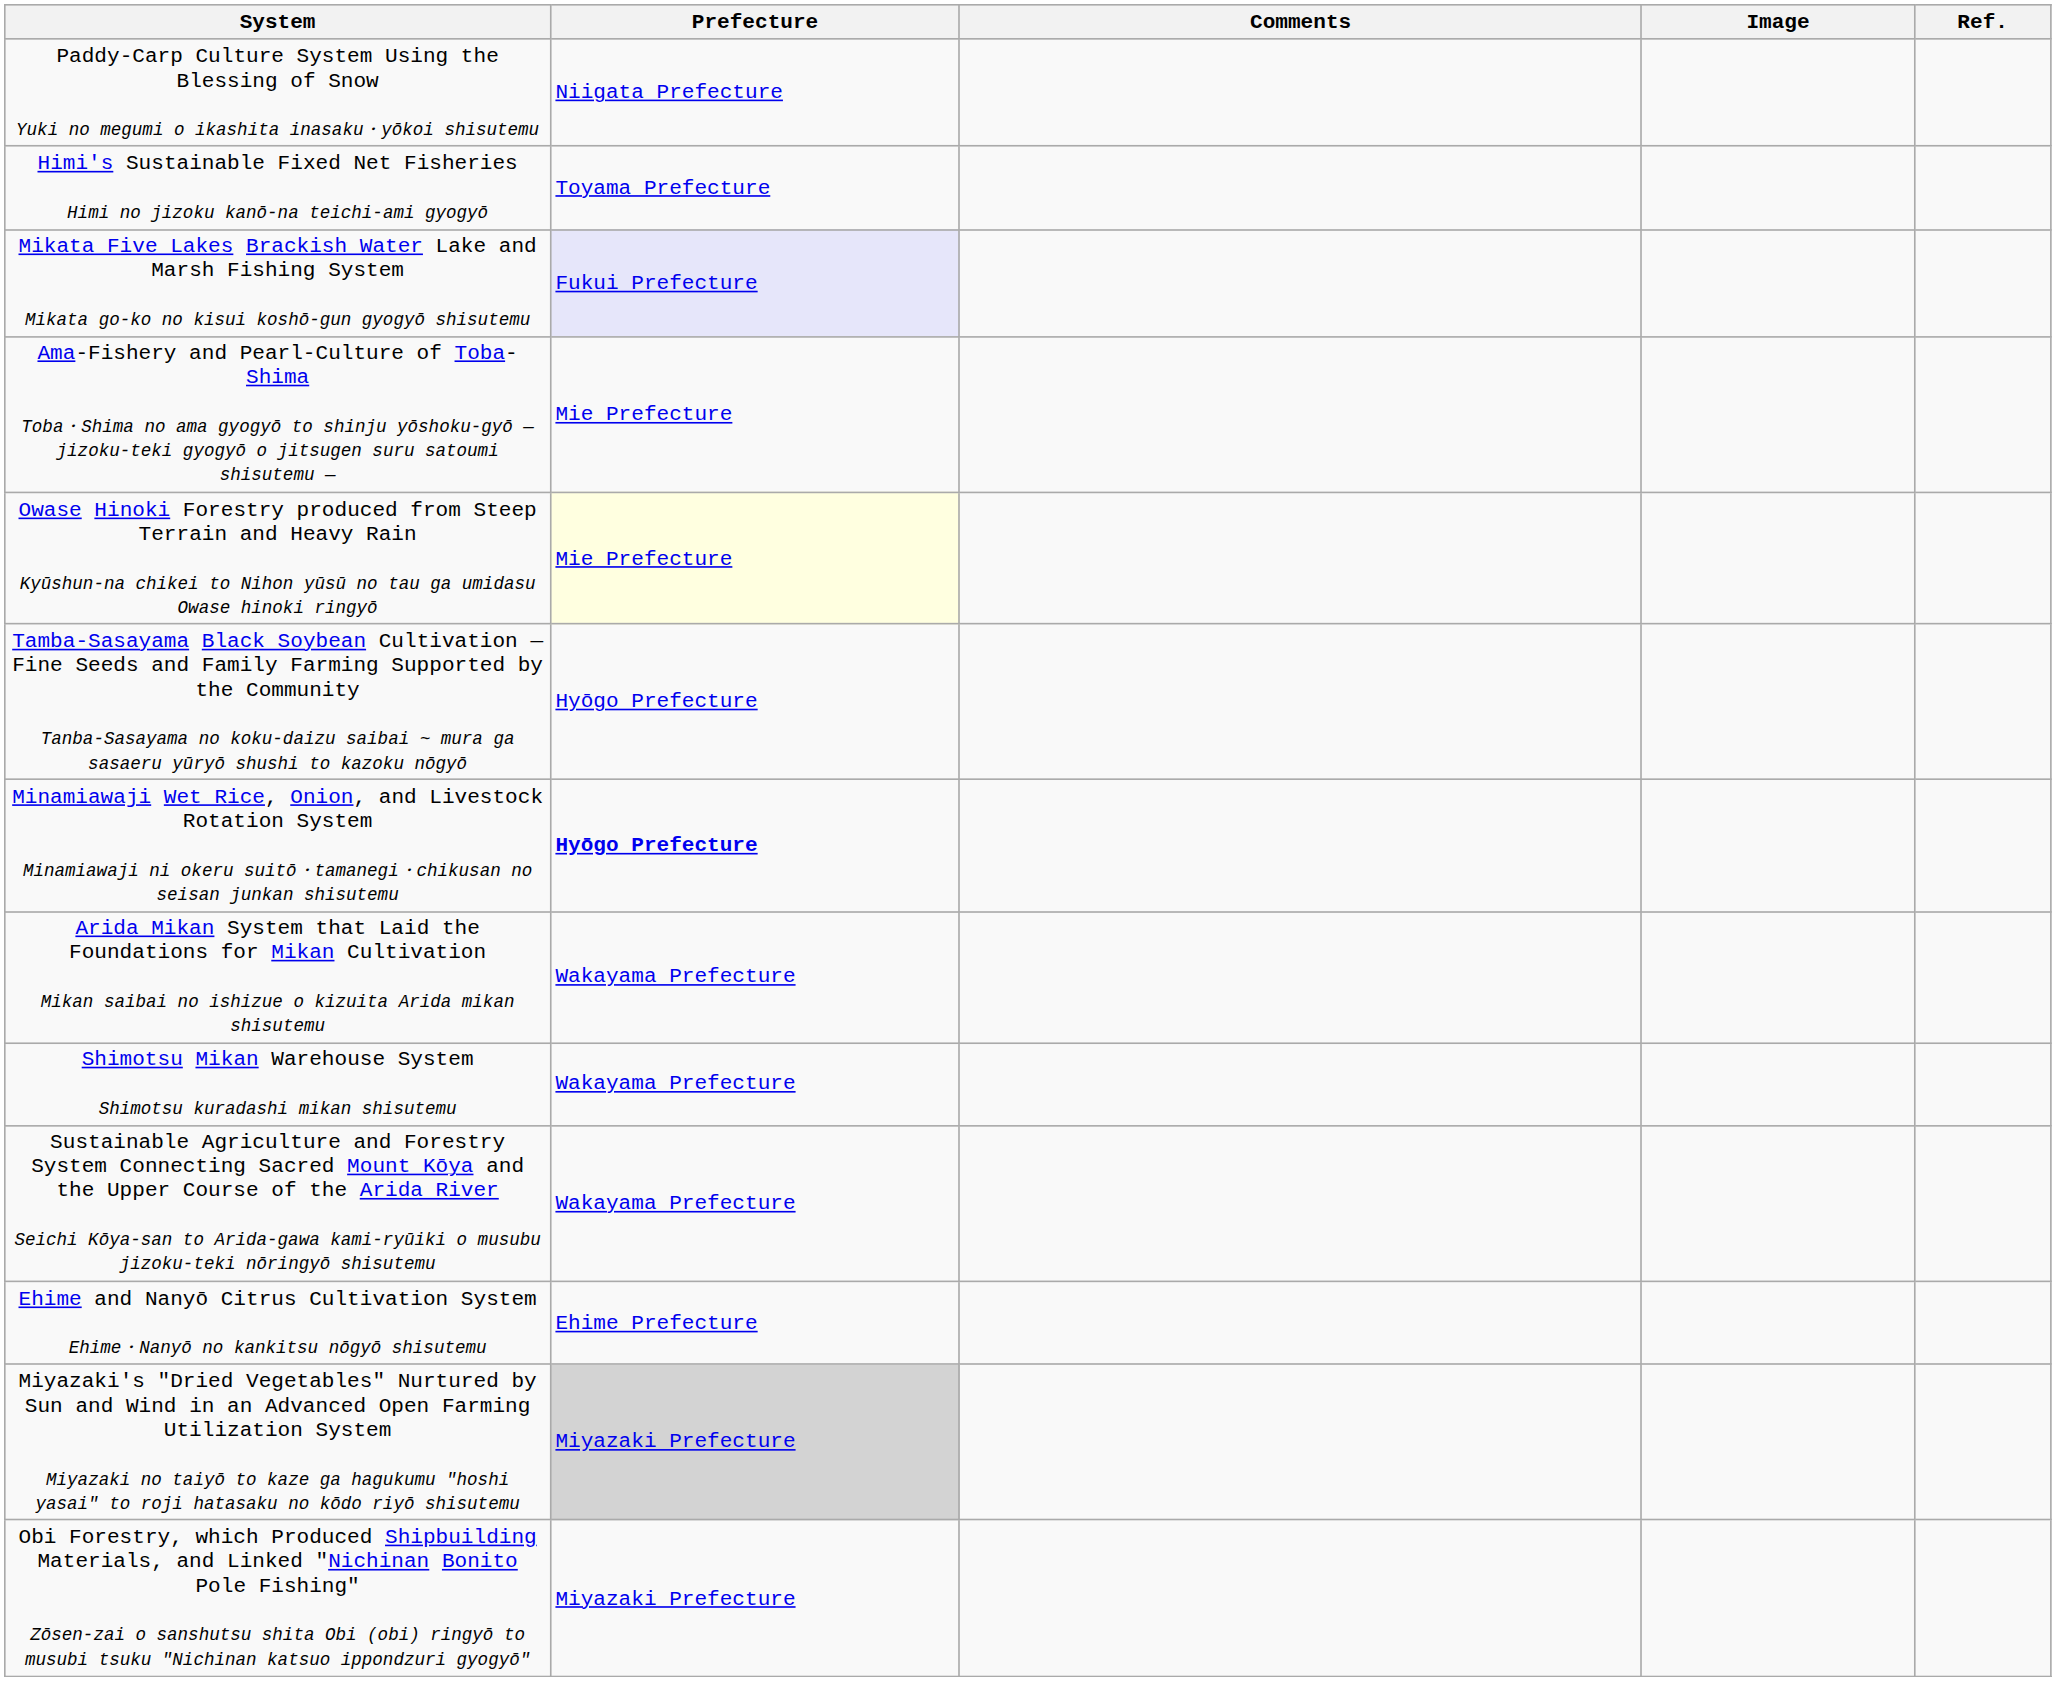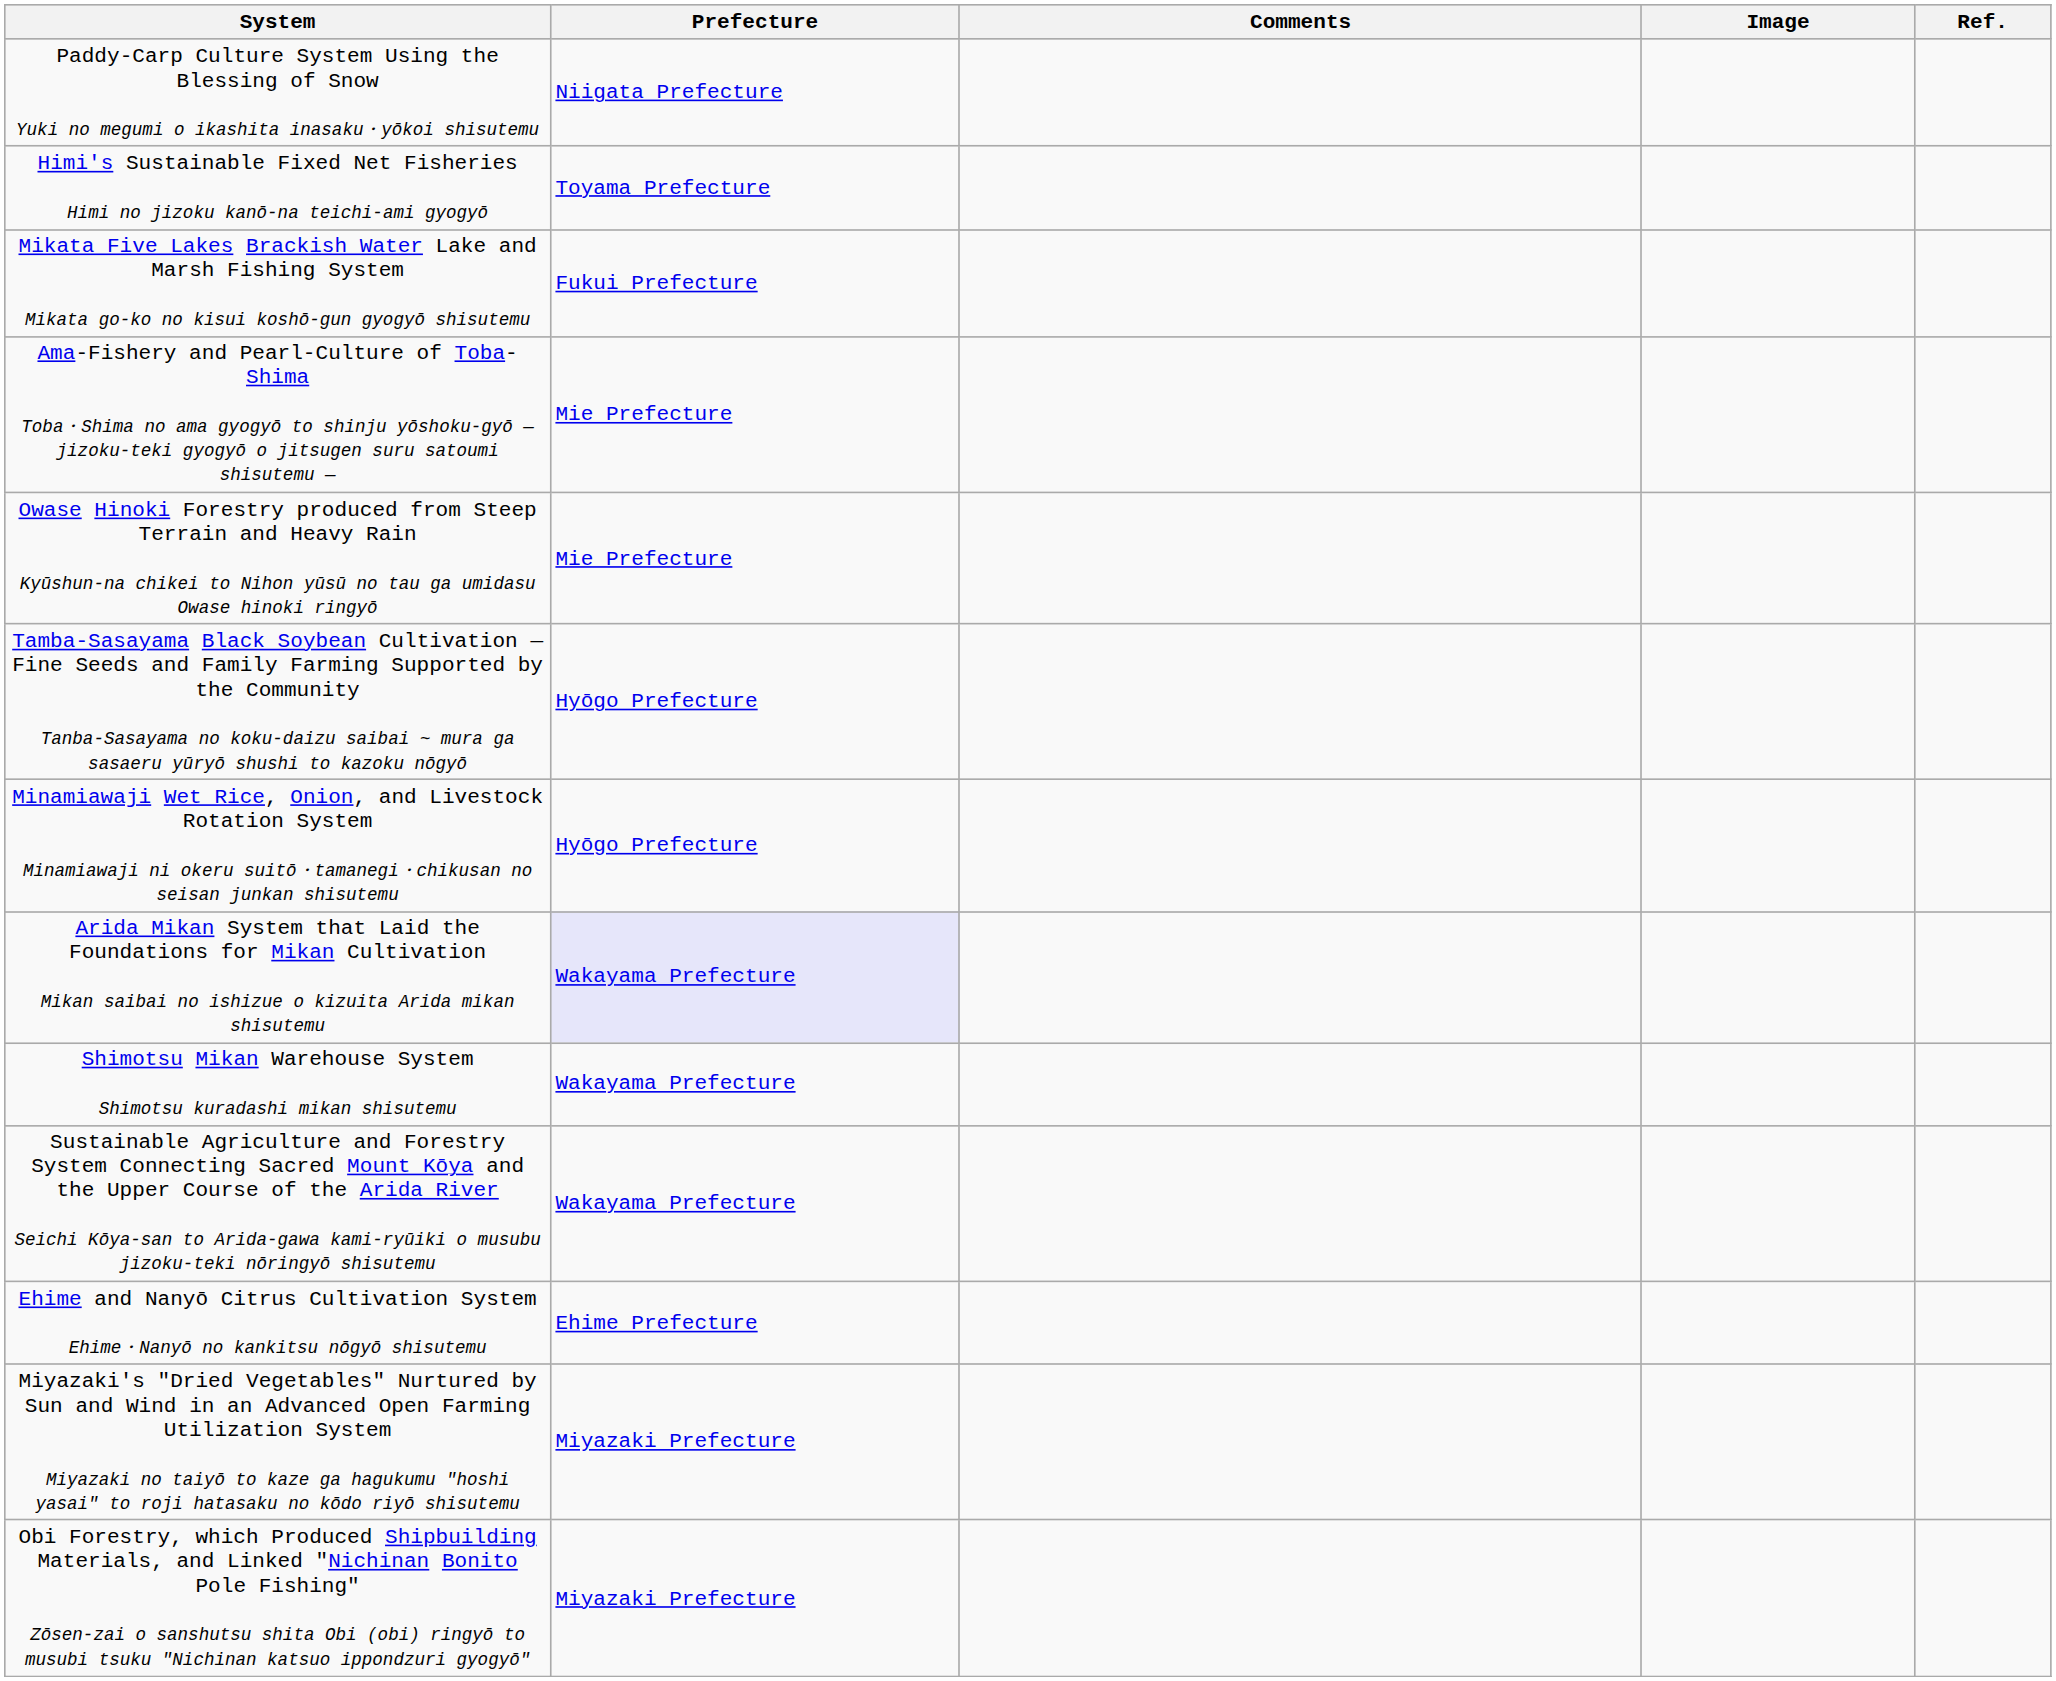 <table class="wikitable sortable"  style="width:100%;">
 <tr>
 <th width="20%" align="left">System</th>
 <th width="15%" align="left">Prefecture</th>
 <th width="25%" align="left">Comments</th>
 <th width="10%" align="left">Image</th>
 <th width="5%" align="left">Ref.</th>
 </tr>
 <tr>
 <td align="center">Paddy-Carp Culture System Using the Blessing of Snow<br><br><small><em>Yuki no megumi o ikashita inasaku・yōkoi shisutemu</em></small></td>
 <td><a href='#'>Niigata Prefecture</a></td>
 <td></td>
 <td></td>
 <td></td>
 </tr>
 <tr>
 <td align="center"><a href='#'>Himi's</a> Sustainable Fixed Net Fisheries<br><br><small><em>Himi no jizoku kanō-na teichi-ami gyogyō</em></small></td>
 <td><a href='#'>Toyama Prefecture</a></td>
 <td></td>
 <td></td>
 <td></td>
 </tr>
 <tr>
 <td align="center"><a href='#'>Mikata Five Lakes</a> <a href='#'>Brackish Water</a> Lake and Marsh Fishing System<br><br><small><em>Mikata go-ko no kisui koshō-gun gyogyō shisutemu</em></small></td>
-<td style="background: lavender;"><a href='#'>Fukui Prefecture</a></td>
+<td><a href='#'>Fukui Prefecture</a></td>
 <td></td>
 <td></td>
 <td></td>
 </tr>
 <tr>
 <td align="center"><a href='#'>Ama</a>-Fishery and Pearl-Culture of <a href='#'>Toba</a>-<a href='#'>Shima</a><br><br><small><em>Toba・Shima no ama gyogyō to shinju yōshoku-gyō — jizoku-teki gyogyō o jitsugen suru satoumi shisutemu —</em></small></td>
 <td><a href='#'>Mie Prefecture</a></td>
 <td></td>
 <td></td>
 <td></td>
 </tr>
 <tr>
 <td align="center"><a href='#'>Owase</a> <a href='#'>Hinoki</a> Forestry produced from Steep Terrain and Heavy Rain<br><br><small><em>Kyūshun-na chikei to Nihon yūsū no tau ga umidasu Owase hinoki ringyō</em></small></td>
-<td style="background: lightyellow;"><a href='#'>Mie Prefecture</a></td>
+<td><a href='#'>Mie Prefecture</a></td>
 <td></td>
 <td></td>
 <td></td>
 </tr>
 <tr>
 <td align="center"><a href='#'>Tamba-Sasayama</a> <a href='#'>Black Soybean</a> Cultivation — Fine Seeds and Family Farming Supported by the Community<br><br><small><em>Tanba-Sasayama no koku-daizu saibai ~ mura ga sasaeru yūryō shushi to kazoku nōgyō</em></small></td>
 <td><a href='#'>Hyōgo Prefecture</a></td>
 <td></td>
 <td></td>
 <td></td>
 </tr>
 <tr>
 <td align="center"><a href='#'>Minamiawaji</a> <a href='#'>Wet Rice</a>, <a href='#'>Onion</a>, and Livestock Rotation System<br><br><small><em>Minamiawaji ni okeru suitō・tamanegi・chikusan no seisan junkan shisutemu</em></small></td>
-<td><strong><a href='#'>Hyōgo Prefecture</a></strong></td>
+<td><a href='#'>Hyōgo Prefecture</a></td>
 <td></td>
 <td></td>
 <td></td>
 </tr>
 <tr>
 <td align="center"><a href='#'>Arida Mikan</a> System that Laid the Foundations for <a href='#'>Mikan</a> Cultivation<br><br><small><em>Mikan saibai no ishizue o kizuita Arida mikan shisutemu</em></small></td>
-<td><a href='#'>Wakayama Prefecture</a></td>
+<td style="background: lavender;"><a href='#'>Wakayama Prefecture</a></td>
 <td></td>
 <td></td>
 <td></td>
 </tr>
 <tr>
 <td align="center"><a href='#'>Shimotsu</a> <a href='#'>Mikan</a> Warehouse System<br><br><small><em>Shimotsu kuradashi mikan shisutemu</em></small></td>
 <td><a href='#'>Wakayama Prefecture</a></td>
 <td></td>
 <td></td>
 <td></td>
 </tr>
 <tr>
 <td align="center">Sustainable Agriculture and Forestry System Connecting Sacred <a href='#'>Mount Kōya</a> and the Upper Course of the <a href='#'>Arida River</a><br><br><small><em>Seichi Kōya-san to Arida-gawa kami-ryūiki o musubu jizoku-teki nōringyō shisutemu</em></small></td>
 <td><a href='#'>Wakayama Prefecture</a></td>
 <td></td>
 <td></td>
 <td></td>
 </tr>
 <tr>
 <td align="center"><a href='#'>Ehime</a> and Nanyō Citrus Cultivation System<br><br><small><em>Ehime・Nanyō no kankitsu nōgyō shisutemu</em></small></td>
 <td><a href='#'>Ehime Prefecture</a></td>
 <td></td>
 <td></td>
 <td></td>
 </tr>
 <tr>
 <td align="center">Miyazaki's "Dried Vegetables" Nurtured by Sun and Wind in an Advanced Open Farming Utilization System<br><br><small><em>Miyazaki no taiyō to kaze ga hagukumu "hoshi yasai" to roji hatasaku no kōdo riyō shisutemu</em></small></td>
-<td style="background: lightgrey;"><a href='#'>Miyazaki Prefecture</a></td>
+<td><a href='#'>Miyazaki Prefecture</a></td>
 <td></td>
 <td></td>
 <td></td>
 </tr>
 <tr>
 <td align="center">Obi Forestry, which Produced <a href='#'>Shipbuilding</a> Materials, and Linked "<a href='#'>Nichinan</a> <a href='#'>Bonito</a> Pole Fishing"<br><br><small><em>Zōsen-zai o sanshutsu shita Obi (obi) ringyō to musubi tsuku "Nichinan katsuo ippondzuri gyogyō"</em></small></td>
 <td><a href='#'>Miyazaki Prefecture</a></td>
 <td></td>
 <td></td>
 <td></td>
 </tr>
 <tr>
 </tr>
 </table>
